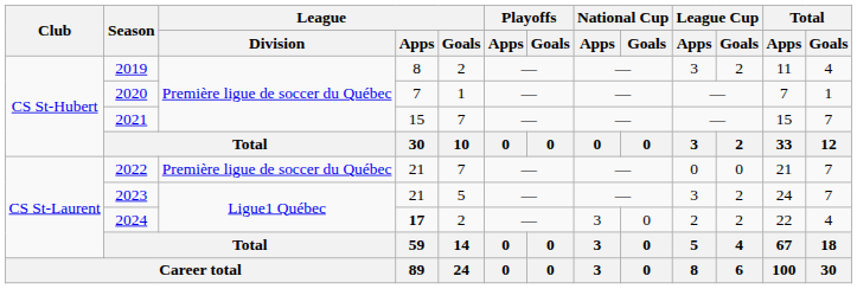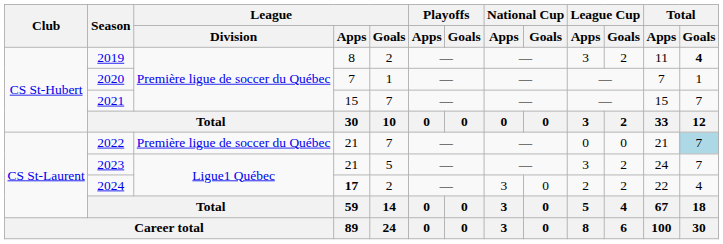 <table class="wikitable" style="text-align:center">
 <tr>
 <th rowspan="2">Club</th>
 <th rowspan="2">Season</th>
 <th colspan="3">League</th>
 <th colspan="2">Playoffs</th>
 <th colspan="2">National Cup</th>
 <th colspan="2">League Cup</th>
 <th colspan="2">Total</th>
 </tr>
 <tr>
 <th>Division</th>
 <th>Apps</th>
 <th>Goals</th>
 <th>Apps</th>
 <th>Goals</th>
 <th>Apps</th>
 <th>Goals</th>
 <th>Apps</th>
 <th>Goals</th>
 <th>Apps</th>
 <th>Goals</th>
 </tr>
 <tr>
 <td rowspan="4"><a href='#'>CS St-Hubert</a></td>
 <td><a href='#'>2019</a></td>
 <td rowspan=3><a href='#'>Première ligue de soccer du Québec</a></td>
 <td>8</td>
 <td>2</td>
 <td colspan="2">—</td>
 <td colspan="2">—</td>
 <td>3</td>
 <td>2</td>
 <td>11</td>
-<td>4</td>
+<td><strong>4</strong></td>
 </tr>
 <tr>
 <td><a href='#'>2020</a></td>
 <td>7</td>
 <td>1</td>
 <td colspan="2">—</td>
 <td colspan="2">—</td>
 <td colspan="2">—</td>
 <td>7</td>
 <td>1</td>
 </tr>
 <tr>
 <td><a href='#'>2021</a></td>
 <td>15</td>
 <td>7</td>
 <td colspan="2">—</td>
 <td colspan="2">—</td>
 <td colspan="2">—</td>
 <td>15</td>
 <td>7</td>
 </tr>
 <tr>
 <th colspan="2">Total</th>
 <th>30</th>
 <th>10</th>
 <th>0</th>
 <th>0</th>
 <th>0</th>
 <th>0</th>
 <th>3</th>
 <th>2</th>
 <th>33</th>
 <th>12</th>
 </tr>
 <tr>
 <td rowspan="4"><a href='#'>CS St-Laurent</a></td>
 <td><a href='#'>2022</a></td>
 <td><a href='#'>Première ligue de soccer du Québec</a></td>
 <td>21</td>
 <td>7</td>
 <td colspan="2">—</td>
 <td colspan="2">—</td>
 <td>0</td>
 <td>0</td>
 <td>21</td>
-<td>7</td>
+<td style="background: lightblue;">7</td>
 </tr>
 <tr>
 <td><a href='#'>2023</a></td>
 <td rowspan=2><a href='#'>Ligue1 Québec</a></td>
 <td>21</td>
 <td>5</td>
 <td colspan="2">—</td>
 <td colspan="2">—</td>
 <td>3</td>
 <td>2</td>
 <td>24</td>
 <td>7</td>
 </tr>
 <tr>
 <td><a href='#'>2024</a></td>
 <td><strong>17</strong></td>
 <td>2</td>
 <td colspan="2">—</td>
 <td>3</td>
 <td>0</td>
 <td>2</td>
 <td>2</td>
 <td>22</td>
 <td>4</td>
 </tr>
 <tr>
 <th colspan="2">Total</th>
 <th>59</th>
 <th>14</th>
 <th>0</th>
 <th>0</th>
 <th>3</th>
 <th>0</th>
 <th>5</th>
 <th>4</th>
 <th>67</th>
 <th>18</th>
 </tr>
 <tr>
 <th colspan="3">Career total</th>
 <th>89</th>
 <th>24</th>
 <th>0</th>
 <th>0</th>
 <th>3</th>
 <th>0</th>
 <th>8</th>
 <th>6</th>
 <th>100</th>
 <th>30</th>
 </tr>
 </table>
